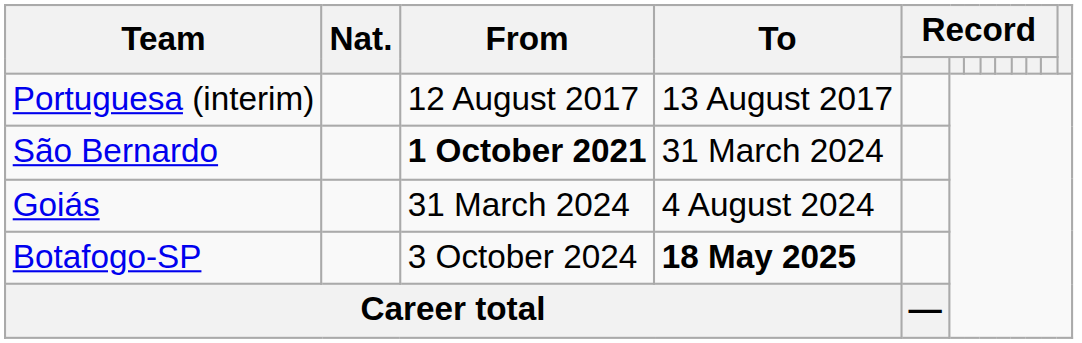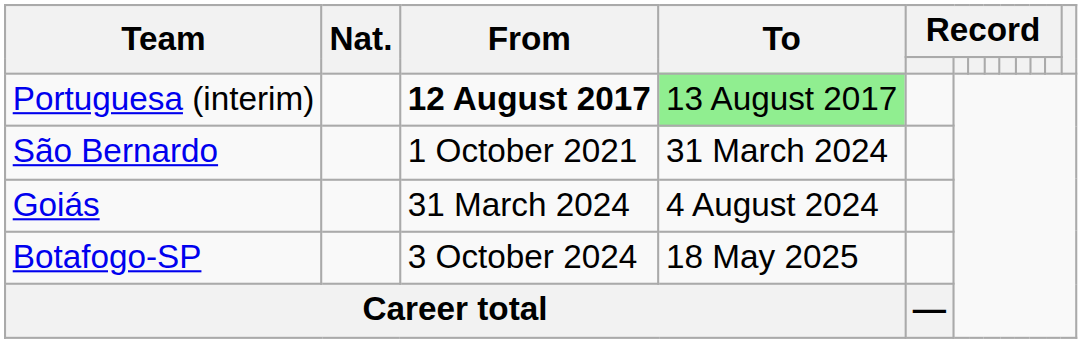 <table class="wikitable" style="text-align: center">
 <tr>
 <th rowspan="2">Team</th>
 <th rowspan="2">Nat.</th>
 <th rowspan="2">From</th>
 <th rowspan="2">To</th>
 <th colspan="8">Record</th>
 <th rowspan=2></th>
 </tr>
 <tr>
 <th></th>
 <th></th>
 <th></th>
 <th></th>
 <th></th>
 <th></th>
 <th></th>
 <th></th>
 </tr>
 <tr>
 <td align="left"><a href='#'>Portuguesa</a> (interim)</td>
 <td></td>
-<td align=left>12 August 2017</td>
-<td align=left>13 August 2017<br></td>
+<td align=left><strong>12 August 2017</strong></td>
+<td align=left style="background: lightgreen;">13 August 2017<br></td>
 <td></td>
 </tr>
 <tr>
 <td align="left"><a href='#'>São Bernardo</a></td>
 <td></td>
-<td align=left><strong>1 October 2021</strong></td>
+<td align=left>1 October 2021</td>
 <td align=left>31 March 2024<br></td>
 <td></td>
 </tr>
 <tr>
 <td align="left"><a href='#'>Goiás</a></td>
 <td></td>
 <td align=left>31 March 2024</td>
 <td align=left>4 August 2024<br></td>
 <td></td>
 </tr>
 <tr>
 <td align="left"><a href='#'>Botafogo-SP</a></td>
 <td></td>
 <td align=left>3 October 2024</td>
-<td align=left><strong>18 May 2025<br></strong></td>
+<td align=left>18 May 2025<br></td>
 <td></td>
 </tr>
 <tr>
 <th colspan=4><strong>Career total</strong><br></th>
 <th>—</th>
 </tr>
 </table>
